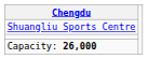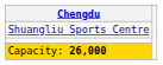 <table class="wikitable" style="margin-left: auto; margin-right: auto; border: none;">
 <tr>
 <th><a href='#'>Chengdu</a></th>
 <td rowspan="4"><br></td>
 </tr>
 <tr>
 <td><a href='#'>Shuangliu Sports Centre</a></td>
 </tr>
 <tr>
 <td><small></small></td>
 </tr>
 <tr>
-<td>Capacity: <strong>26,000</strong></td>
+<td style="background: gold;">Capacity: <strong>26,000</strong></td>
 </tr>
 </table>
